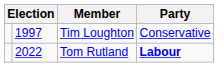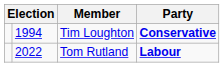 <table class="wikitable">
 <tr>
 <th colspan="2">Election</th>
 <th>Member</th>
 <th>Party</th>
 </tr>
 <tr>
 <td style="color:inherit;background-color: "></td>
-<td><a href='#'>1997</a></td>
+<td><a href='#'>1994</a></td>
 <td><a href='#'>Tim Loughton</a></td>
-<td><a href='#'>Conservative</a></td>
+<td><strong><a href='#'>Conservative</a></strong></td>
 </tr>
 <tr>
 <td style="color:inherit;background-color: "></td>
 <td><a href='#'>2022</a></td>
 <td><a href='#'>Tom Rutland</a></td>
 <td><strong><a href='#'>Labour</a></strong></td>
 </tr>
 </table>
